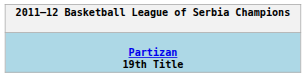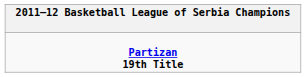 <table class="wikitable" style="margin: 0 auto; width: 30%;">
 <tr>
 <th>2011–12 Basketball League of Serbia Champions<br><br></th>
 </tr>
 <tr>
-<td align=center style="background: lightblue;"><br><strong><a href='#'>Partizan</a></strong><br><strong>19th Title</strong></td>
+<td align=center><br><strong><a href='#'>Partizan</a></strong><br><strong>19th Title</strong></td>
 </tr>
 </table>
